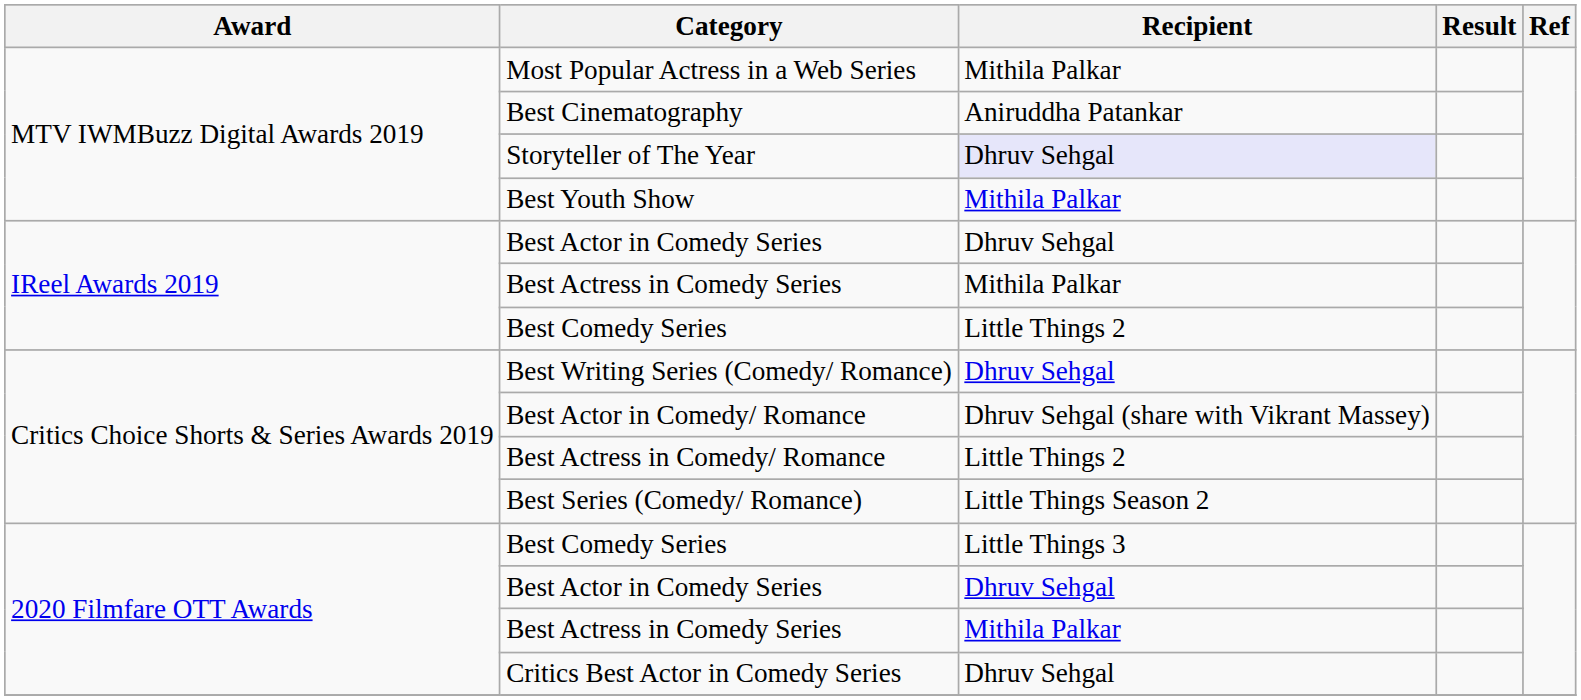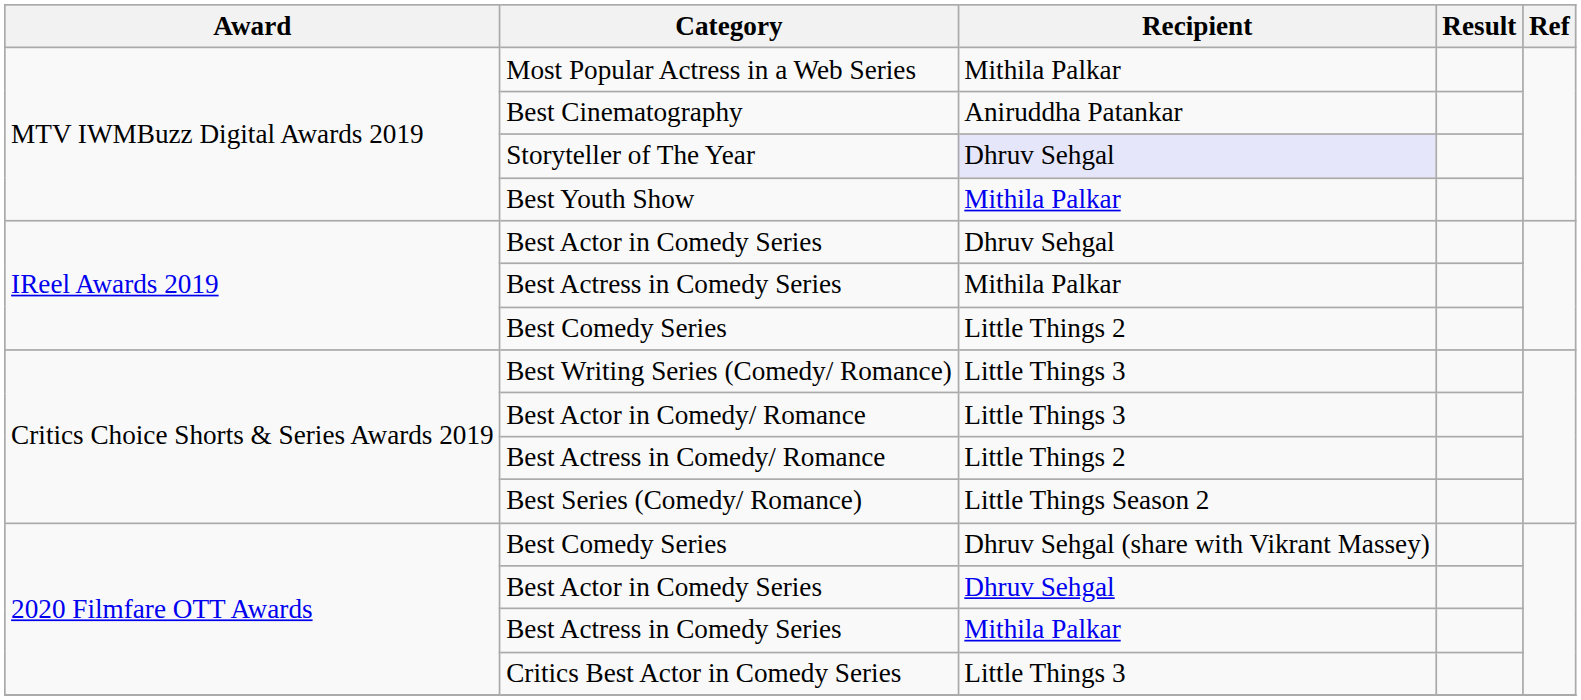 <table class="wikitable">
 <tr>
 <th>Award</th>
 <th>Category</th>
 <th>Recipient</th>
 <th>Result</th>
 <th>Ref</th>
 </tr>
 <tr>
 <td rowspan=4>MTV IWMBuzz Digital Awards 2019</td>
 <td>Most Popular Actress in a Web Series</td>
 <td>Mithila Palkar</td>
 <td></td>
 <td rowspan=4></td>
 </tr>
 <tr>
 <td>Best Cinematography</td>
 <td>Aniruddha Patankar</td>
 <td></td>
 </tr>
 <tr>
 <td>Storyteller of The Year</td>
 <td style="background: lavender;">Dhruv Sehgal</td>
 <td></td>
 </tr>
 <tr>
 <td>Best Youth Show</td>
 <td><a href='#'>Mithila Palkar</a></td>
 <td></td>
 </tr>
 <tr>
 <td rowspan=3><a href='#'>IReel Awards 2019</a></td>
 <td>Best Actor in Comedy Series</td>
 <td>Dhruv Sehgal</td>
 <td></td>
 <td rowspan=3></td>
 </tr>
 <tr>
 <td>Best Actress in Comedy Series</td>
 <td>Mithila Palkar</td>
 <td></td>
 </tr>
 <tr>
 <td>Best Comedy Series</td>
 <td>Little Things 2</td>
 <td></td>
 </tr>
 <tr>
 <td rowspan=4>Critics Choice Shorts & Series Awards 2019</td>
 <td>Best Writing Series (Comedy/ Romance)</td>
-<td><a href='#'>Dhruv Sehgal</a></td>
+<td>Little Things 3</td>
 <td></td>
 <td rowspan=4></td>
 </tr>
 <tr>
 <td>Best Actor in Comedy/ Romance</td>
-<td>Dhruv Sehgal (share with Vikrant Massey)</td>
+<td>Little Things 3</td>
 <td></td>
 </tr>
 <tr>
 <td>Best Actress in Comedy/ Romance</td>
 <td>Little Things 2</td>
 <td></td>
 </tr>
 <tr>
 <td>Best Series (Comedy/ Romance)</td>
 <td>Little Things Season 2</td>
 <td></td>
 </tr>
 <tr>
 <td rowspan=4><a href='#'>2020 Filmfare OTT Awards</a></td>
 <td>Best Comedy Series</td>
-<td>Little Things 3</td>
+<td>Dhruv Sehgal (share with Vikrant Massey)</td>
 <td></td>
 <td rowspan=4><br></td>
 </tr>
 <tr>
 <td>Best Actor in Comedy Series</td>
 <td><a href='#'>Dhruv Sehgal</a></td>
 <td></td>
 </tr>
 <tr>
 <td>Best Actress in Comedy Series</td>
 <td><a href='#'>Mithila Palkar</a></td>
 <td></td>
 </tr>
 <tr>
 <td>Critics Best Actor in Comedy Series</td>
-<td>Dhruv Sehgal</td>
+<td>Little Things 3</td>
 <td></td>
 </tr>
 <tr>
 </tr>
 <tr>
 </tr>
 </table>
